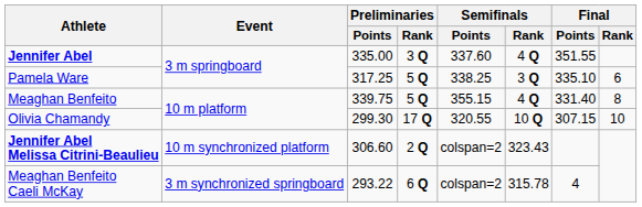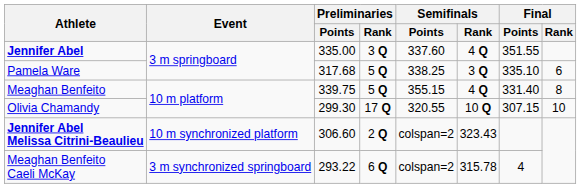 <table class=wikitable style="font-size:90%;">
 <tr>
 <th rowspan="2">Athlete</th>
 <th rowspan="2">Event</th>
 <th colspan="2">Preliminaries</th>
 <th colspan="2">Semifinals</th>
 <th colspan="2">Final</th>
 </tr>
 <tr style="font-size:95%">
 <th>Points</th>
 <th>Rank</th>
 <th>Points</th>
 <th>Rank</th>
 <th>Points</th>
 <th>Rank</th>
 </tr>
 <tr align=center>
 <td align=left><strong><a href='#'>Jennifer Abel</a></strong></td>
 <td align=left rowspan=2><a href='#'>3 m springboard</a></td>
 <td>335.00</td>
 <td>3 <strong>Q</strong></td>
 <td>337.60</td>
 <td>4 <strong>Q</strong></td>
 <td>351.55</td>
 <td></td>
 </tr>
 <tr align=center>
 <td align=left><a href='#'>Pamela Ware</a></td>
-<td>317.25</td>
+<td>317.68</td>
 <td>5 <strong>Q</strong></td>
 <td>338.25</td>
 <td>3 <strong>Q</strong></td>
 <td>335.10</td>
 <td>6</td>
 </tr>
 <tr align=center>
 <td align=left><a href='#'>Meaghan Benfeito</a></td>
 <td align=left rowspan=2><a href='#'>10 m platform</a></td>
 <td>339.75</td>
 <td>5 <strong>Q</strong></td>
 <td>355.15</td>
 <td>4 <strong>Q</strong></td>
 <td>331.40</td>
 <td>8</td>
 </tr>
 <tr align=center>
 <td align=left><a href='#'>Olivia Chamandy</a></td>
 <td>299.30</td>
 <td>17 <strong>Q</strong></td>
 <td>320.55</td>
 <td>10 <strong>Q</strong></td>
 <td>307.15</td>
 <td>10</td>
 </tr>
 <tr align=center>
 <td align=left><strong><a href='#'>Jennifer Abel</a><br><a href='#'>Melissa Citrini-Beaulieu</a></strong></td>
 <td align=left><a href='#'>10 m synchronized platform</a></td>
 <td>306.60</td>
 <td>2 <strong>Q</strong></td>
 <td>colspan=2 </td>
 <td>323.43</td>
 <td></td>
 </tr>
 <tr align=center>
 <td align=left><a href='#'>Meaghan Benfeito</a><br><a href='#'>Caeli McKay</a></td>
 <td align=left><a href='#'>3 m synchronized springboard</a></td>
 <td>293.22</td>
 <td>6 <strong>Q</strong></td>
 <td>colspan=2 </td>
 <td>315.78</td>
 <td>4</td>
 </tr>
 </table>
